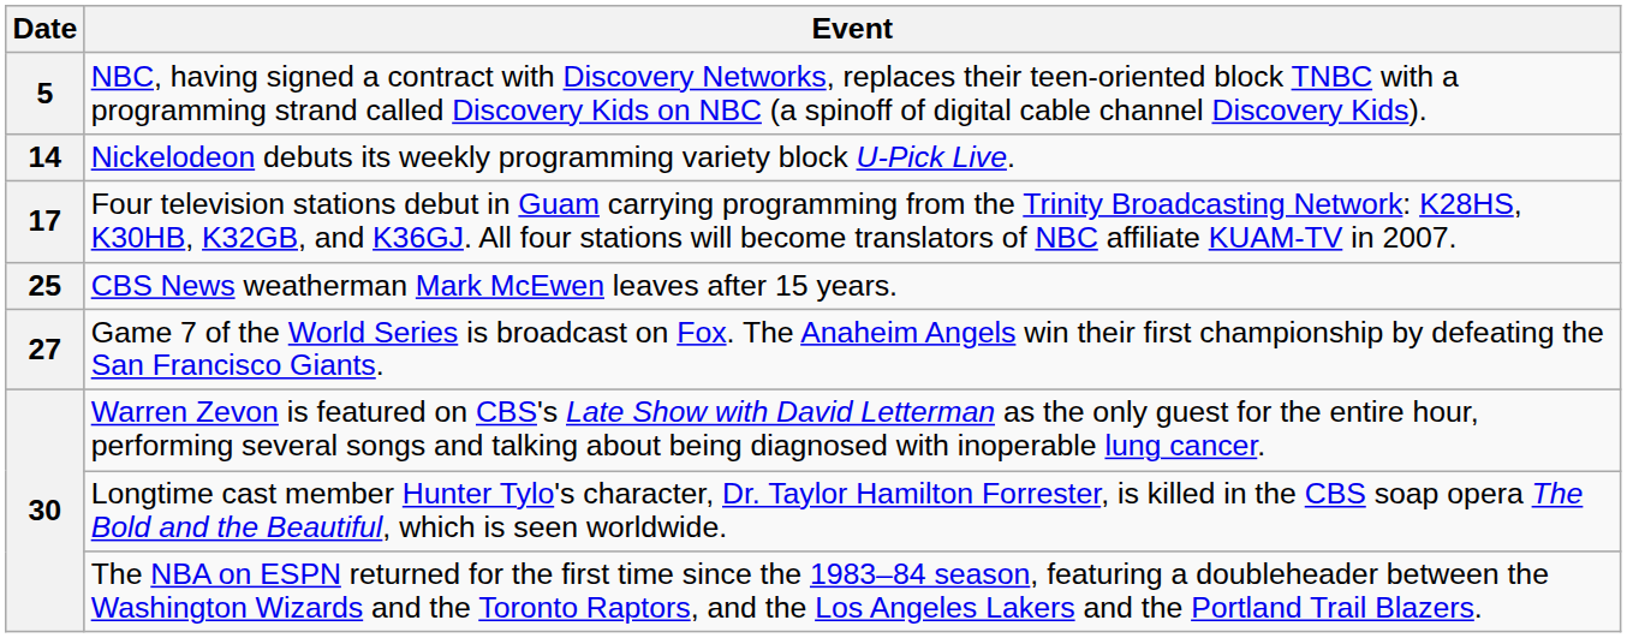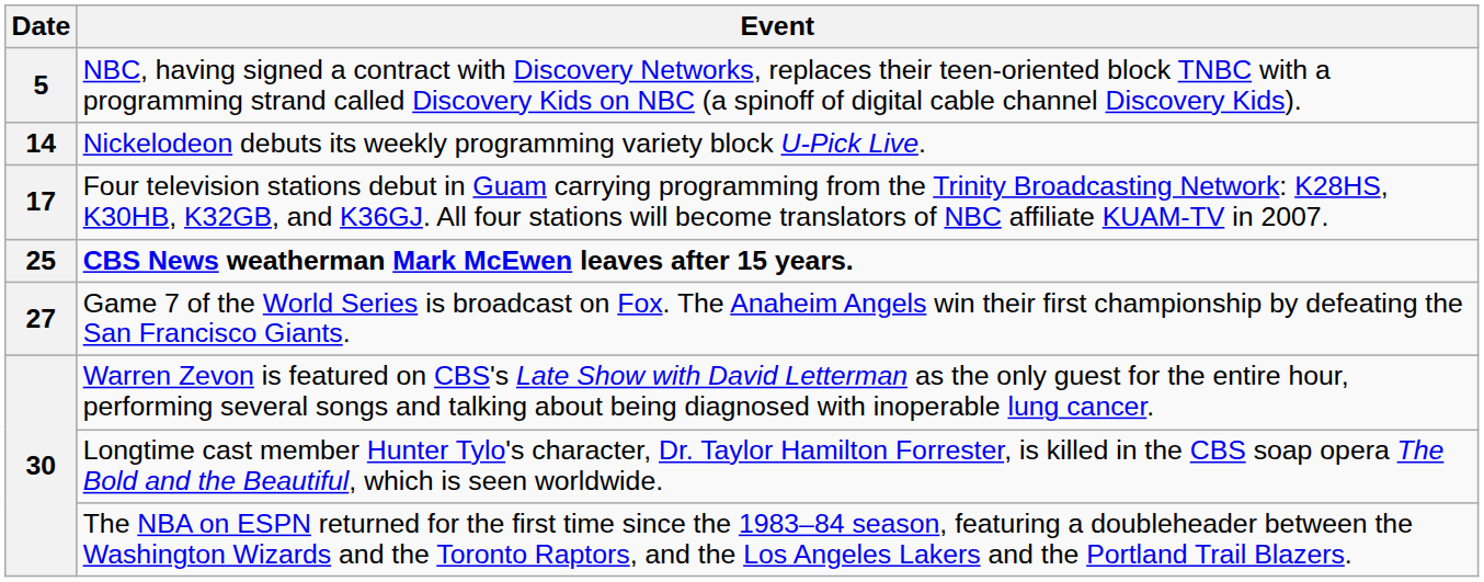 <table class="wikitable">
 <tr>
 <th>Date</th>
 <th>Event</th>
 </tr>
 <tr>
 <th>5</th>
 <td><a href='#'>NBC</a>, having signed a contract with <a href='#'>Discovery Networks</a>, replaces their teen-oriented block <a href='#'>TNBC</a> with a programming strand called <a href='#'>Discovery Kids on NBC</a> (a spinoff of digital cable channel <a href='#'>Discovery Kids</a>).</td>
 </tr>
 <tr>
 <th>14</th>
 <td><a href='#'>Nickelodeon</a> debuts its weekly programming variety block <em><a href='#'>U-Pick Live</a></em>.</td>
 </tr>
 <tr>
 <th>17</th>
 <td>Four television stations debut in <a href='#'>Guam</a> carrying programming from the <a href='#'>Trinity Broadcasting Network</a>: <a href='#'>K28HS</a>, <a href='#'>K30HB</a>, <a href='#'>K32GB</a>, and <a href='#'>K36GJ</a>. All four stations will become translators of <a href='#'>NBC</a> affiliate <a href='#'>KUAM-TV</a> in 2007.</td>
 </tr>
 <tr>
 <th>25</th>
-<td><a href='#'>CBS News</a> weatherman <a href='#'>Mark McEwen</a> leaves after 15 years.</td>
+<td><strong><a href='#'>CBS News</a> weatherman <a href='#'>Mark McEwen</a> leaves after 15 years.</strong></td>
 </tr>
 <tr>
 <th>27</th>
 <td>Game 7 of the <a href='#'>World Series</a> is broadcast on <a href='#'>Fox</a>. The <a href='#'>Anaheim Angels</a> win their first championship by defeating the <a href='#'>San Francisco Giants</a>.</td>
 </tr>
 <tr>
 <th rowspan="3">30</th>
 <td><a href='#'>Warren Zevon</a> is featured on <a href='#'>CBS</a>'s <em><a href='#'>Late Show with David Letterman</a></em> as the only guest for the entire hour, performing several songs and talking about being diagnosed with inoperable <a href='#'>lung cancer</a>.</td>
 </tr>
 <tr>
 <td>Longtime cast member <a href='#'>Hunter Tylo</a>'s character, <a href='#'>Dr. Taylor Hamilton Forrester</a>, is killed in the <a href='#'>CBS</a> soap opera <em><a href='#'>The Bold and the Beautiful</a></em>, which is seen worldwide.</td>
 </tr>
 <tr>
 <td>The <a href='#'>NBA on ESPN</a> returned for the first time since the <a href='#'>1983–84 season</a>, featuring a doubleheader between the <a href='#'>Washington Wizards</a> and the <a href='#'>Toronto Raptors</a>, and the <a href='#'>Los Angeles Lakers</a> and the <a href='#'>Portland Trail Blazers</a>.</td>
 </tr>
 </table>
